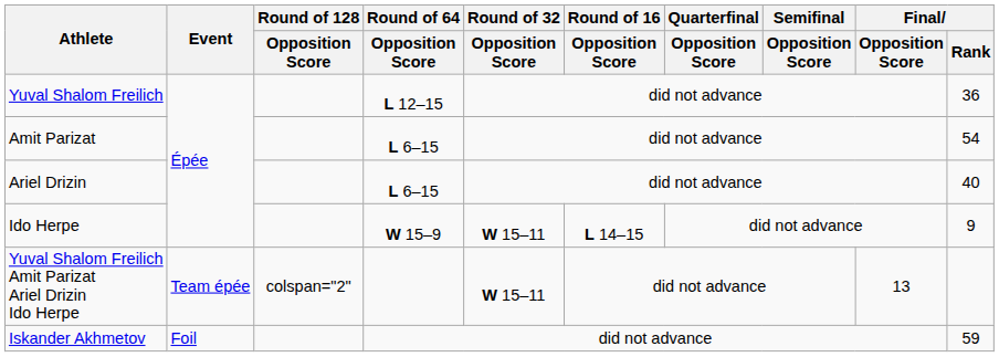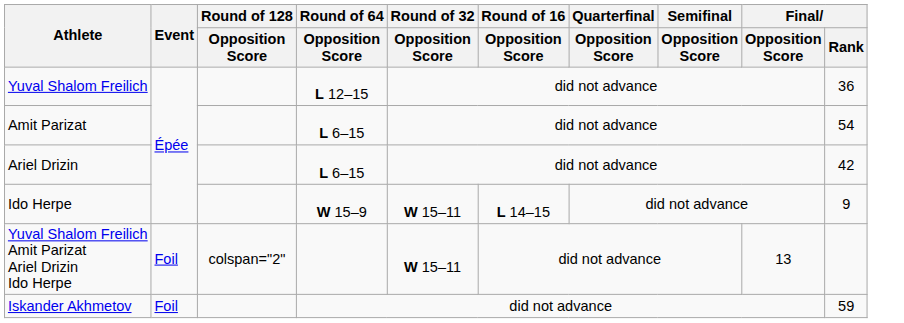 <table class="wikitable" style="font-size:90%">
 <tr>
 <th rowspan=2>Athlete</th>
 <th rowspan=2>Event</th>
 <th>Round of 128</th>
 <th>Round of 64</th>
 <th>Round of 32</th>
 <th>Round of 16</th>
 <th>Quarterfinal</th>
 <th>Semifinal</th>
 <th colspan=2>Final/</th>
 </tr>
 <tr>
 <th>Opposition<br>Score</th>
 <th>Opposition<br>Score</th>
 <th>Opposition<br>Score</th>
 <th>Opposition<br>Score</th>
 <th>Opposition<br>Score</th>
 <th>Opposition<br>Score</th>
 <th>Opposition<br>Score</th>
 <th>Rank</th>
 </tr>
 <tr align=center>
 <td align=left><a href='#'>Yuval Shalom Freilich</a></td>
 <td align=left rowspan="4"><a href='#'>Épée</a></td>
 <td></td>
 <td><br><strong>L</strong> 12–15</td>
 <td colspan="5">did not advance</td>
 <td>36</td>
 </tr>
 <tr align=center>
 <td align=left>Amit Parizat</td>
 <td></td>
 <td><br><strong>L</strong> 6–15</td>
 <td colspan="5">did not advance</td>
 <td>54</td>
 </tr>
 <tr align=center>
 <td align=left>Ariel Drizin</td>
 <td></td>
 <td><br><strong>L</strong> 6–15</td>
 <td colspan="5">did not advance</td>
-<td>40</td>
+<td>42</td>
 </tr>
 <tr align=center>
 <td align=left>Ido Herpe</td>
 <td></td>
 <td><br><strong>W</strong> 15–9</td>
 <td><br><strong>W</strong> 15–11</td>
 <td><br><strong>L</strong> 14–15</td>
 <td colspan="3">did not advance</td>
 <td>9</td>
 </tr>
 <tr align=center>
 <td align=left><a href='#'>Yuval Shalom Freilich</a><br>Amit Parizat<br>Ariel Drizin<br>Ido Herpe</td>
-<td align=left><a href='#'>Team épée</a></td>
+<td align=left><a href='#'>Foil</a></td>
 <td>colspan="2" </td>
 <td></td>
 <td><br><strong>W</strong> 15–11</td>
 <td colspan="3">did not advance</td>
 <td>13</td>
 </tr>
 <tr align=center>
 <td align=left><a href='#'>Iskander Akhmetov</a></td>
 <td align=left><a href='#'>Foil</a></td>
 <td></td>
 <td colspan="6">did not advance</td>
 <td>59</td>
 </tr>
 </table>
